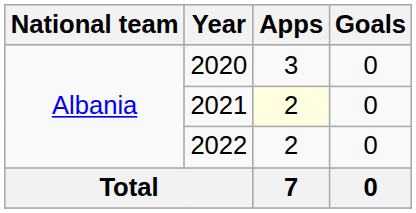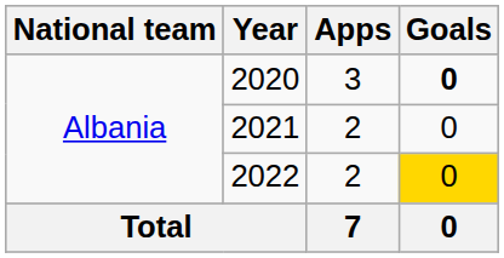 <table class="wikitable" style="text-align:center">
 <tr>
 <th>National team</th>
 <th>Year</th>
 <th>Apps</th>
 <th>Goals</th>
 </tr>
 <tr>
 <td rowspan="3"><a href='#'>Albania</a></td>
 <td>2020</td>
 <td>3</td>
-<td>0</td>
+<td><strong>0</strong></td>
 </tr>
 <tr>
 <td>2021</td>
-<td style="background: lightyellow;">2</td>
+<td>2</td>
 <td>0</td>
 </tr>
 <tr>
 <td>2022</td>
 <td>2</td>
-<td>0</td>
+<td style="background: gold;">0</td>
 </tr>
 <tr>
 <th colspan="2">Total</th>
 <th>7</th>
 <th>0</th>
 </tr>
 </table>
